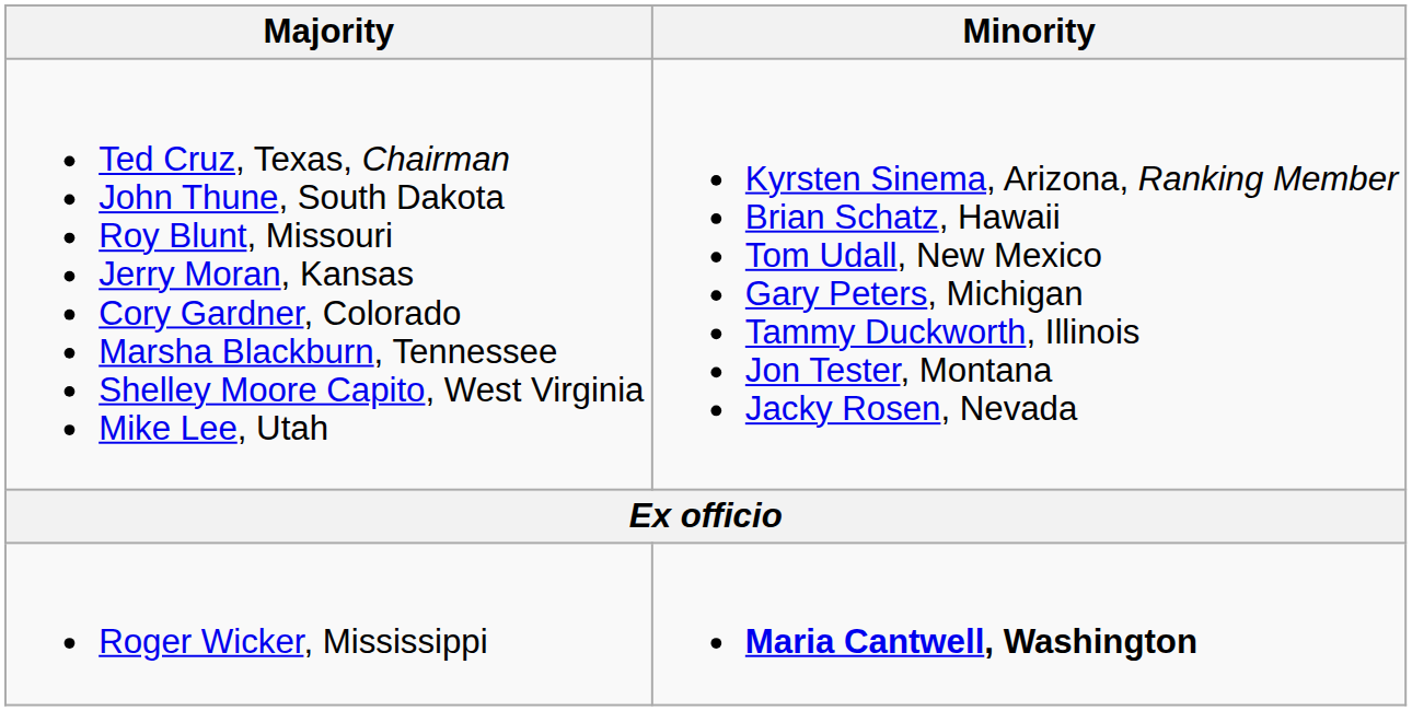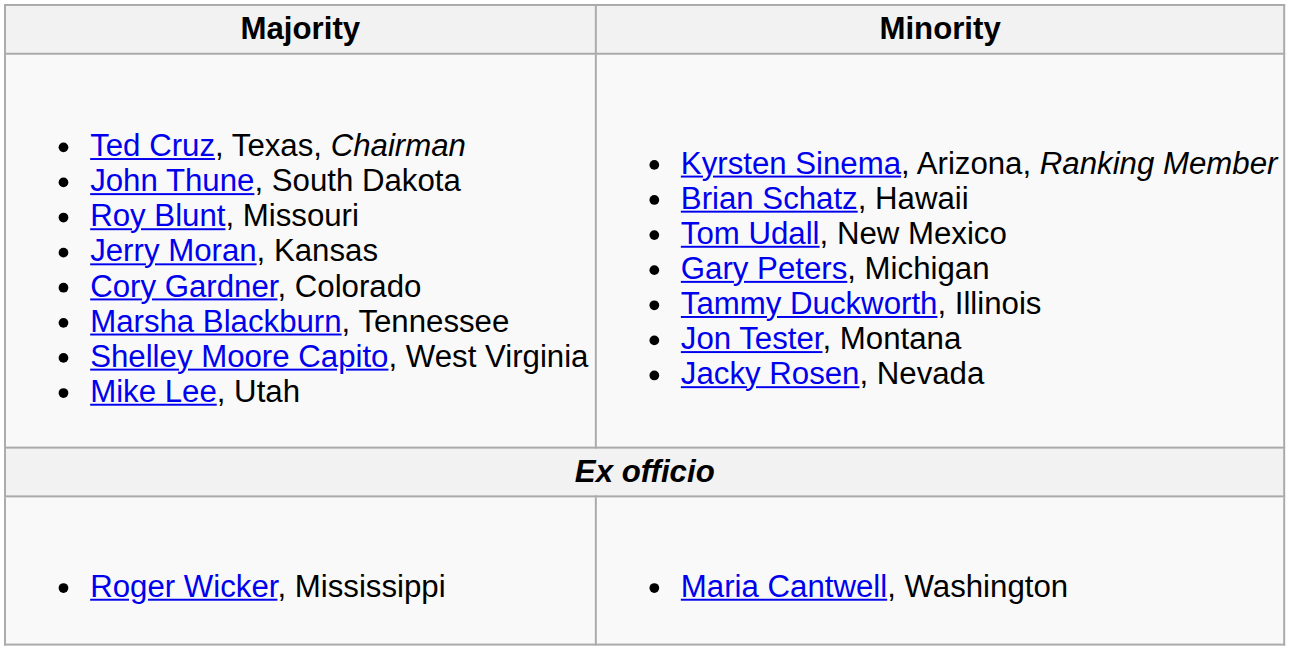 <table class=wikitable>
 <tr>
 <th>Majority</th>
 <th>Minority</th>
 </tr>
 <tr>
 <td><br><ul><li><a href='#'>Ted Cruz</a>, Texas, <em>Chairman</em></li><li><a href='#'>John Thune</a>, South Dakota</li><li><a href='#'>Roy Blunt</a>, Missouri</li><li><a href='#'>Jerry Moran</a>, Kansas</li><li><a href='#'>Cory Gardner</a>, Colorado</li><li><a href='#'>Marsha Blackburn</a>, Tennessee</li><li><a href='#'>Shelley Moore Capito</a>, West Virginia</li><li><a href='#'>Mike Lee</a>, Utah</li></ul></td>
 <td><br><ul><li><a href='#'>Kyrsten Sinema</a>, Arizona, <em>Ranking Member</em></li><li><a href='#'>Brian Schatz</a>, Hawaii</li><li><a href='#'>Tom Udall</a>, New Mexico</li><li><a href='#'>Gary Peters</a>, Michigan</li><li><a href='#'>Tammy Duckworth</a>, Illinois</li><li><a href='#'>Jon Tester</a>, Montana</li><li><a href='#'>Jacky Rosen</a>, Nevada</li></ul></td>
 </tr>
 <tr>
 <th colspan=2><em>Ex officio</em></th>
 </tr>
 <tr>
 <td><br><ul><li><a href='#'>Roger Wicker</a>, Mississippi</li></ul></td>
-<td><strong><br><ul><li><a href='#'>Maria Cantwell</a>, Washington</li></ul></strong></td>
+<td><br><ul><li><a href='#'>Maria Cantwell</a>, Washington</li></ul></td>
 </tr>
 </table>
